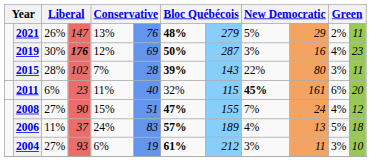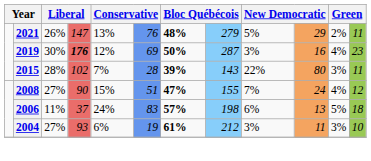 <table class="wikitable" style="width:400; font-size:90%; margin-left:1em;">
 <tr>
 <th colspan="2" scope="col">Year</th>
 <th colspan="2" scope="col"><a href='#'>Liberal</a></th>
 <th colspan="2" scope="col"><a href='#'>Conservative</a></th>
 <th colspan="2" scope="col"><a href='#'>Bloc Québécois</a></th>
 <th colspan="2" scope="col"><a href='#'>New Democratic</a></th>
 <th colspan="2" scope="col"><a href='#'>Green</a></th>
 </tr>
 <tr>
 <td rowspan="3" style="width: 0.25em; background-color: "></td>
 <th><a href='#'>2021</a></th>
 <td>26%</td>
 <td style="text-align:right; background:#EA6D6A;"><em>147</em></td>
 <td>13%</td>
 <td style="text-align:right; background:#6495ED;"><em>76</em></td>
 <td><strong>48%</strong></td>
 <td style="text-align:right; background:#87CEFA;"><em>279</em></td>
 <td>5%</td>
 <td style="text-align:right; background:#F4A460;"><em>29</em></td>
 <td>2%</td>
 <td style="text-align:right; background:#99C955;"><em>11</em></td>
 </tr>
 <tr>
 <th><a href='#'>2019</a></th>
 <td>30%</td>
 <td style="text-align:right; background:#EA6D6A;"><strong><em>176</em></strong></td>
 <td>12%</td>
 <td style="text-align:right; background:#6495ED;"><em>69</em></td>
 <td><strong>50%</strong></td>
 <td style="text-align:right; background:#87CEFA;"><em>287</em></td>
 <td>3%</td>
 <td style="text-align:right; background:#F4A460;"><em>16</em></td>
 <td>4%</td>
 <td style="text-align:right; background:#99C955;"><em>23</em></td>
 </tr>
 <tr>
 <th><a href='#'>2015</a></th>
 <td>28%</td>
 <td style="text-align:right; background:#EA6D6A;"><em>102</em></td>
 <td>7%</td>
 <td style="text-align:right; background:#6495ED;"><em>28</em></td>
 <td><strong>39%</strong></td>
 <td style="text-align:right; background:#87CEFA;"><em>143</em></td>
 <td>22%</td>
 <td style="text-align:right; background:#F4A460;"><em>80</em></td>
 <td>3%</td>
 <td style="text-align:right; background:#99C955;"><em>11</em></td>
 </tr>
 <tr>
-<td style="width: 0.25em; background-color: "></td>
-<th><a href='#'>2011</a></th>
-<td>6%</td>
-<td style="text-align:right; background:#EA6D6A;"><em>23</em></td>
-<td>11%</td>
-<td style="text-align:right; background:#6495ED;"><em>40</em></td>
-<td>32%</td>
-<td style="text-align:right; background:#87CEFA;"><em>115</em></td>
-<td><strong>45%</strong></td>
-<td style="text-align:right; background:#F4A460;"><em>161</em></td>
-<td>6%</td>
-<td style="text-align:right; background:#99C955;"><em>20</em></td>
-</tr>
-<tr>
 <td rowspan="3" style="width: 0.25em; background-color: "></td>
 <th><a href='#'>2008</a></th>
 <td>27%</td>
 <td style="text-align:right; background:#EA6D6A;"><em>90</em></td>
 <td>15%</td>
 <td style="text-align:right; background:#6495ED;"><em>51</em></td>
 <td><strong>47%</strong></td>
 <td style="text-align:right; background:#87CEFA;"><em>155</em></td>
 <td>7%</td>
 <td style="text-align:right; background:#F4A460;"><em>24</em></td>
 <td>4%</td>
 <td style="text-align:right; background:#99C955;"><em>12</em></td>
 </tr>
 <tr>
 <th><a href='#'>2006</a></th>
 <td>11%</td>
 <td style="text-align:right; background:#EA6D6A;"><em>37</em></td>
 <td>24%</td>
 <td style="text-align:right; background:#6495ED;"><em>83</em></td>
 <td><strong>57%</strong></td>
-<td style="text-align:right; background:#87CEFA;"><em>189</em></td>
-<td>4%</td>
+<td style="text-align:right; background:#87CEFA;"><em>198</em></td>
+<td>6%</td>
 <td style="text-align:right; background:#F4A460;"><em>13</em></td>
 <td>5%</td>
 <td style="text-align:right; background:#99C955;"><em>18</em></td>
 </tr>
 <tr>
 <th><a href='#'>2004</a></th>
 <td>27%</td>
 <td style="text-align:right; background:#EA6D6A;"><em>93</em></td>
 <td>6%</td>
 <td style="text-align:right; background:#6495ED;"><em>19</em></td>
 <td><strong>61%</strong></td>
 <td style="text-align:right; background:#87CEFA;"><em>212</em></td>
 <td>3%</td>
 <td style="text-align:right; background:#F4A460;"><em>11</em></td>
 <td>3%</td>
 <td style="text-align:right; background:#99C955;"><em>10</em></td>
 </tr>
 <tr>
 </tr>
 </table>
